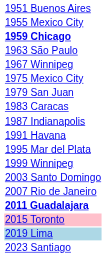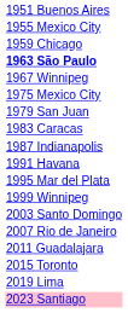 <table>
 <tr>
 <td><a href='#'>1951 Buenos Aires</a></td>
 <td></td>
 <td></td>
 <td></td>
 </tr>
 <tr>
 <td><a href='#'>1955 Mexico City</a></td>
 <td></td>
 <td></td>
 <td></td>
 </tr>
 <tr>
-<td><strong><a href='#'>1959 Chicago</a></strong></td>
+<td><a href='#'>1959 Chicago</a></td>
 <td></td>
 <td></td>
 <td></td>
 </tr>
 <tr>
-<td><a href='#'>1963 São Paulo</a></td>
+<td><strong><a href='#'>1963 São Paulo</a></strong></td>
 <td></td>
 <td></td>
 <td></td>
 </tr>
 <tr>
 <td><a href='#'>1967 Winnipeg</a></td>
 <td></td>
 <td></td>
 <td></td>
 </tr>
 <tr>
 <td><a href='#'>1975 Mexico City</a></td>
 <td></td>
 <td></td>
 <td></td>
 </tr>
 <tr>
 <td><a href='#'>1979 San Juan</a></td>
 <td></td>
 <td></td>
 <td></td>
 </tr>
 <tr>
 <td><a href='#'>1983 Caracas</a></td>
 <td></td>
 <td></td>
 <td></td>
 </tr>
 <tr>
 <td rowspan=2><a href='#'>1987 Indianapolis</a></td>
 <td rowspan=2></td>
 <td rowspan=2></td>
 <td></td>
 </tr>
 <tr>
 <td></td>
 </tr>
 <tr>
 <td rowspan=2><a href='#'>1991 Havana</a></td>
 <td rowspan=2></td>
 <td rowspan=2></td>
 <td></td>
 </tr>
 <tr>
 <td></td>
 </tr>
 <tr>
 <td rowspan=2><a href='#'>1995 Mar del Plata</a></td>
 <td rowspan=2></td>
 <td rowspan=2></td>
 <td></td>
 </tr>
 <tr>
 <td></td>
 </tr>
 <tr>
 <td rowspan=2><a href='#'>1999 Winnipeg</a></td>
 <td rowspan=2></td>
 <td rowspan=2></td>
 <td></td>
 </tr>
 <tr>
 <td></td>
 </tr>
 <tr>
 <td rowspan=2><a href='#'>2003 Santo Domingo</a></td>
 <td rowspan=2></td>
 <td rowspan=2></td>
 <td></td>
 </tr>
 <tr>
 <td></td>
 </tr>
 <tr>
 <td><a href='#'>2007 Rio de Janeiro</a></td>
 <td></td>
 <td></td>
 <td></td>
 </tr>
 <tr>
-<td><strong><a href='#'>2011 Guadalajara</a></strong></td>
+<td><a href='#'>2011 Guadalajara</a></td>
 <td></td>
 <td></td>
 <td></td>
 </tr>
 <tr>
-<td style="background: pink;"><a href='#'>2015 Toronto</a></td>
+<td><a href='#'>2015 Toronto</a></td>
 <td></td>
 <td></td>
 <td></td>
 </tr>
 <tr>
-<td style="background: lightblue;"><a href='#'>2019 Lima</a></td>
+<td><a href='#'>2019 Lima</a></td>
 <td></td>
 <td></td>
 <td></td>
 </tr>
 <tr>
-<td><a href='#'>2023 Santiago</a></td>
+<td style="background: pink;"><a href='#'>2023 Santiago</a></td>
 <td></td>
 <td></td>
 <td></td>
 </tr>
 </table>
